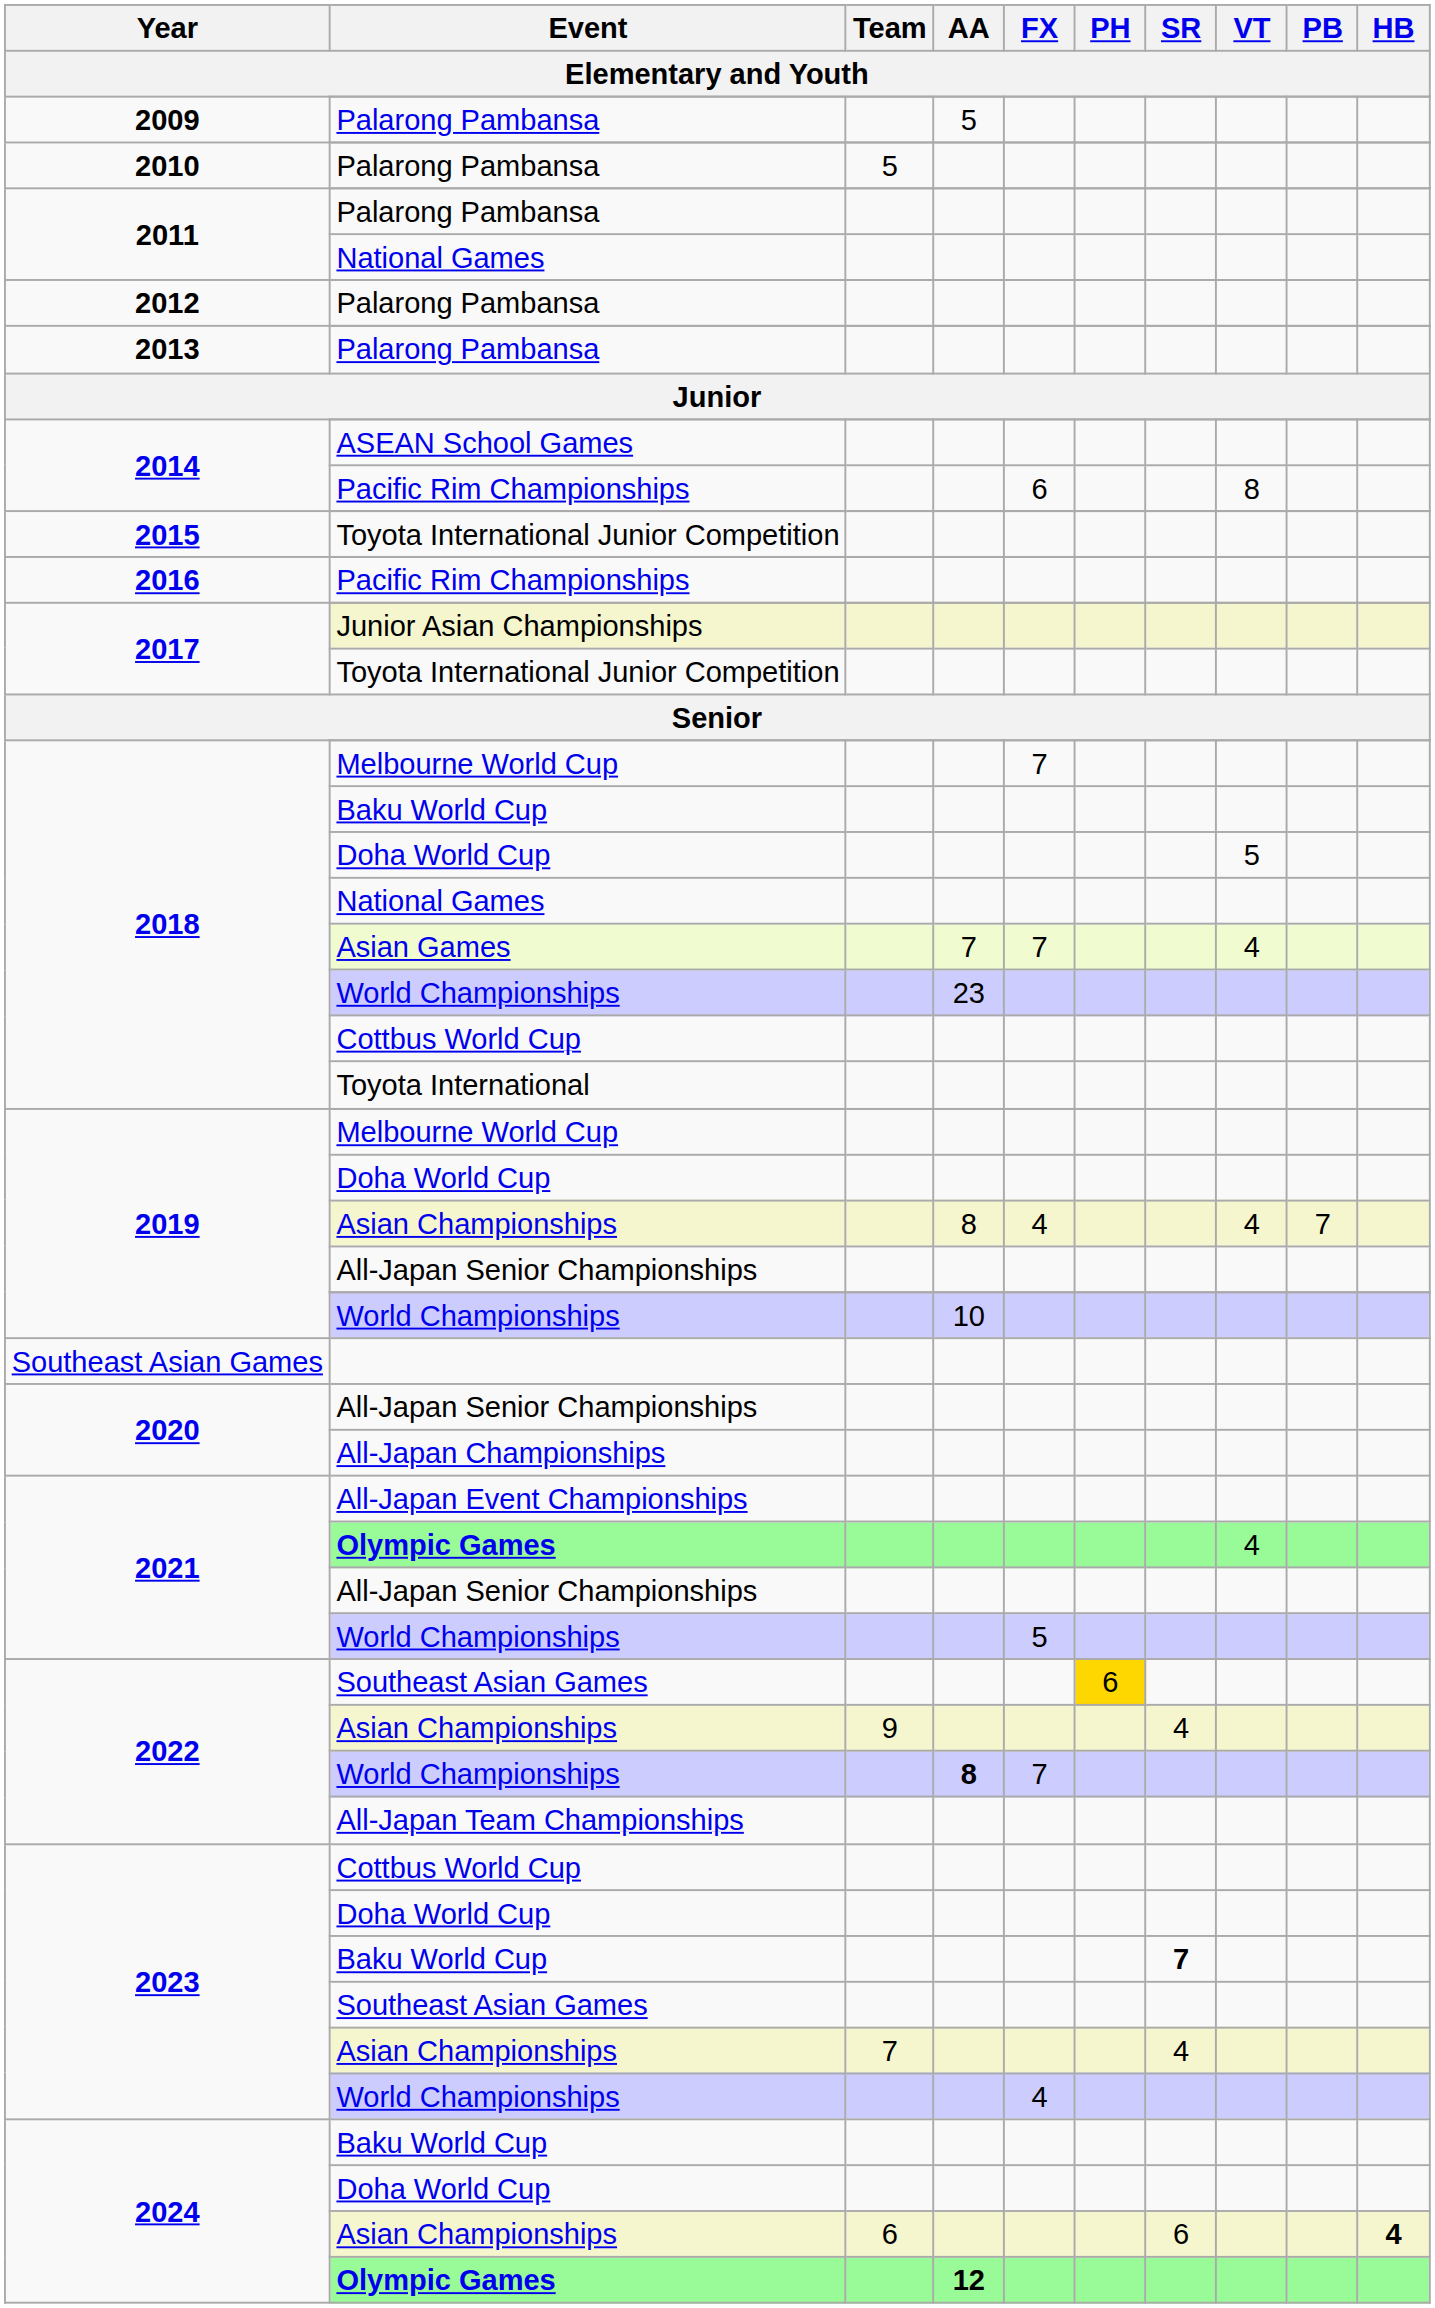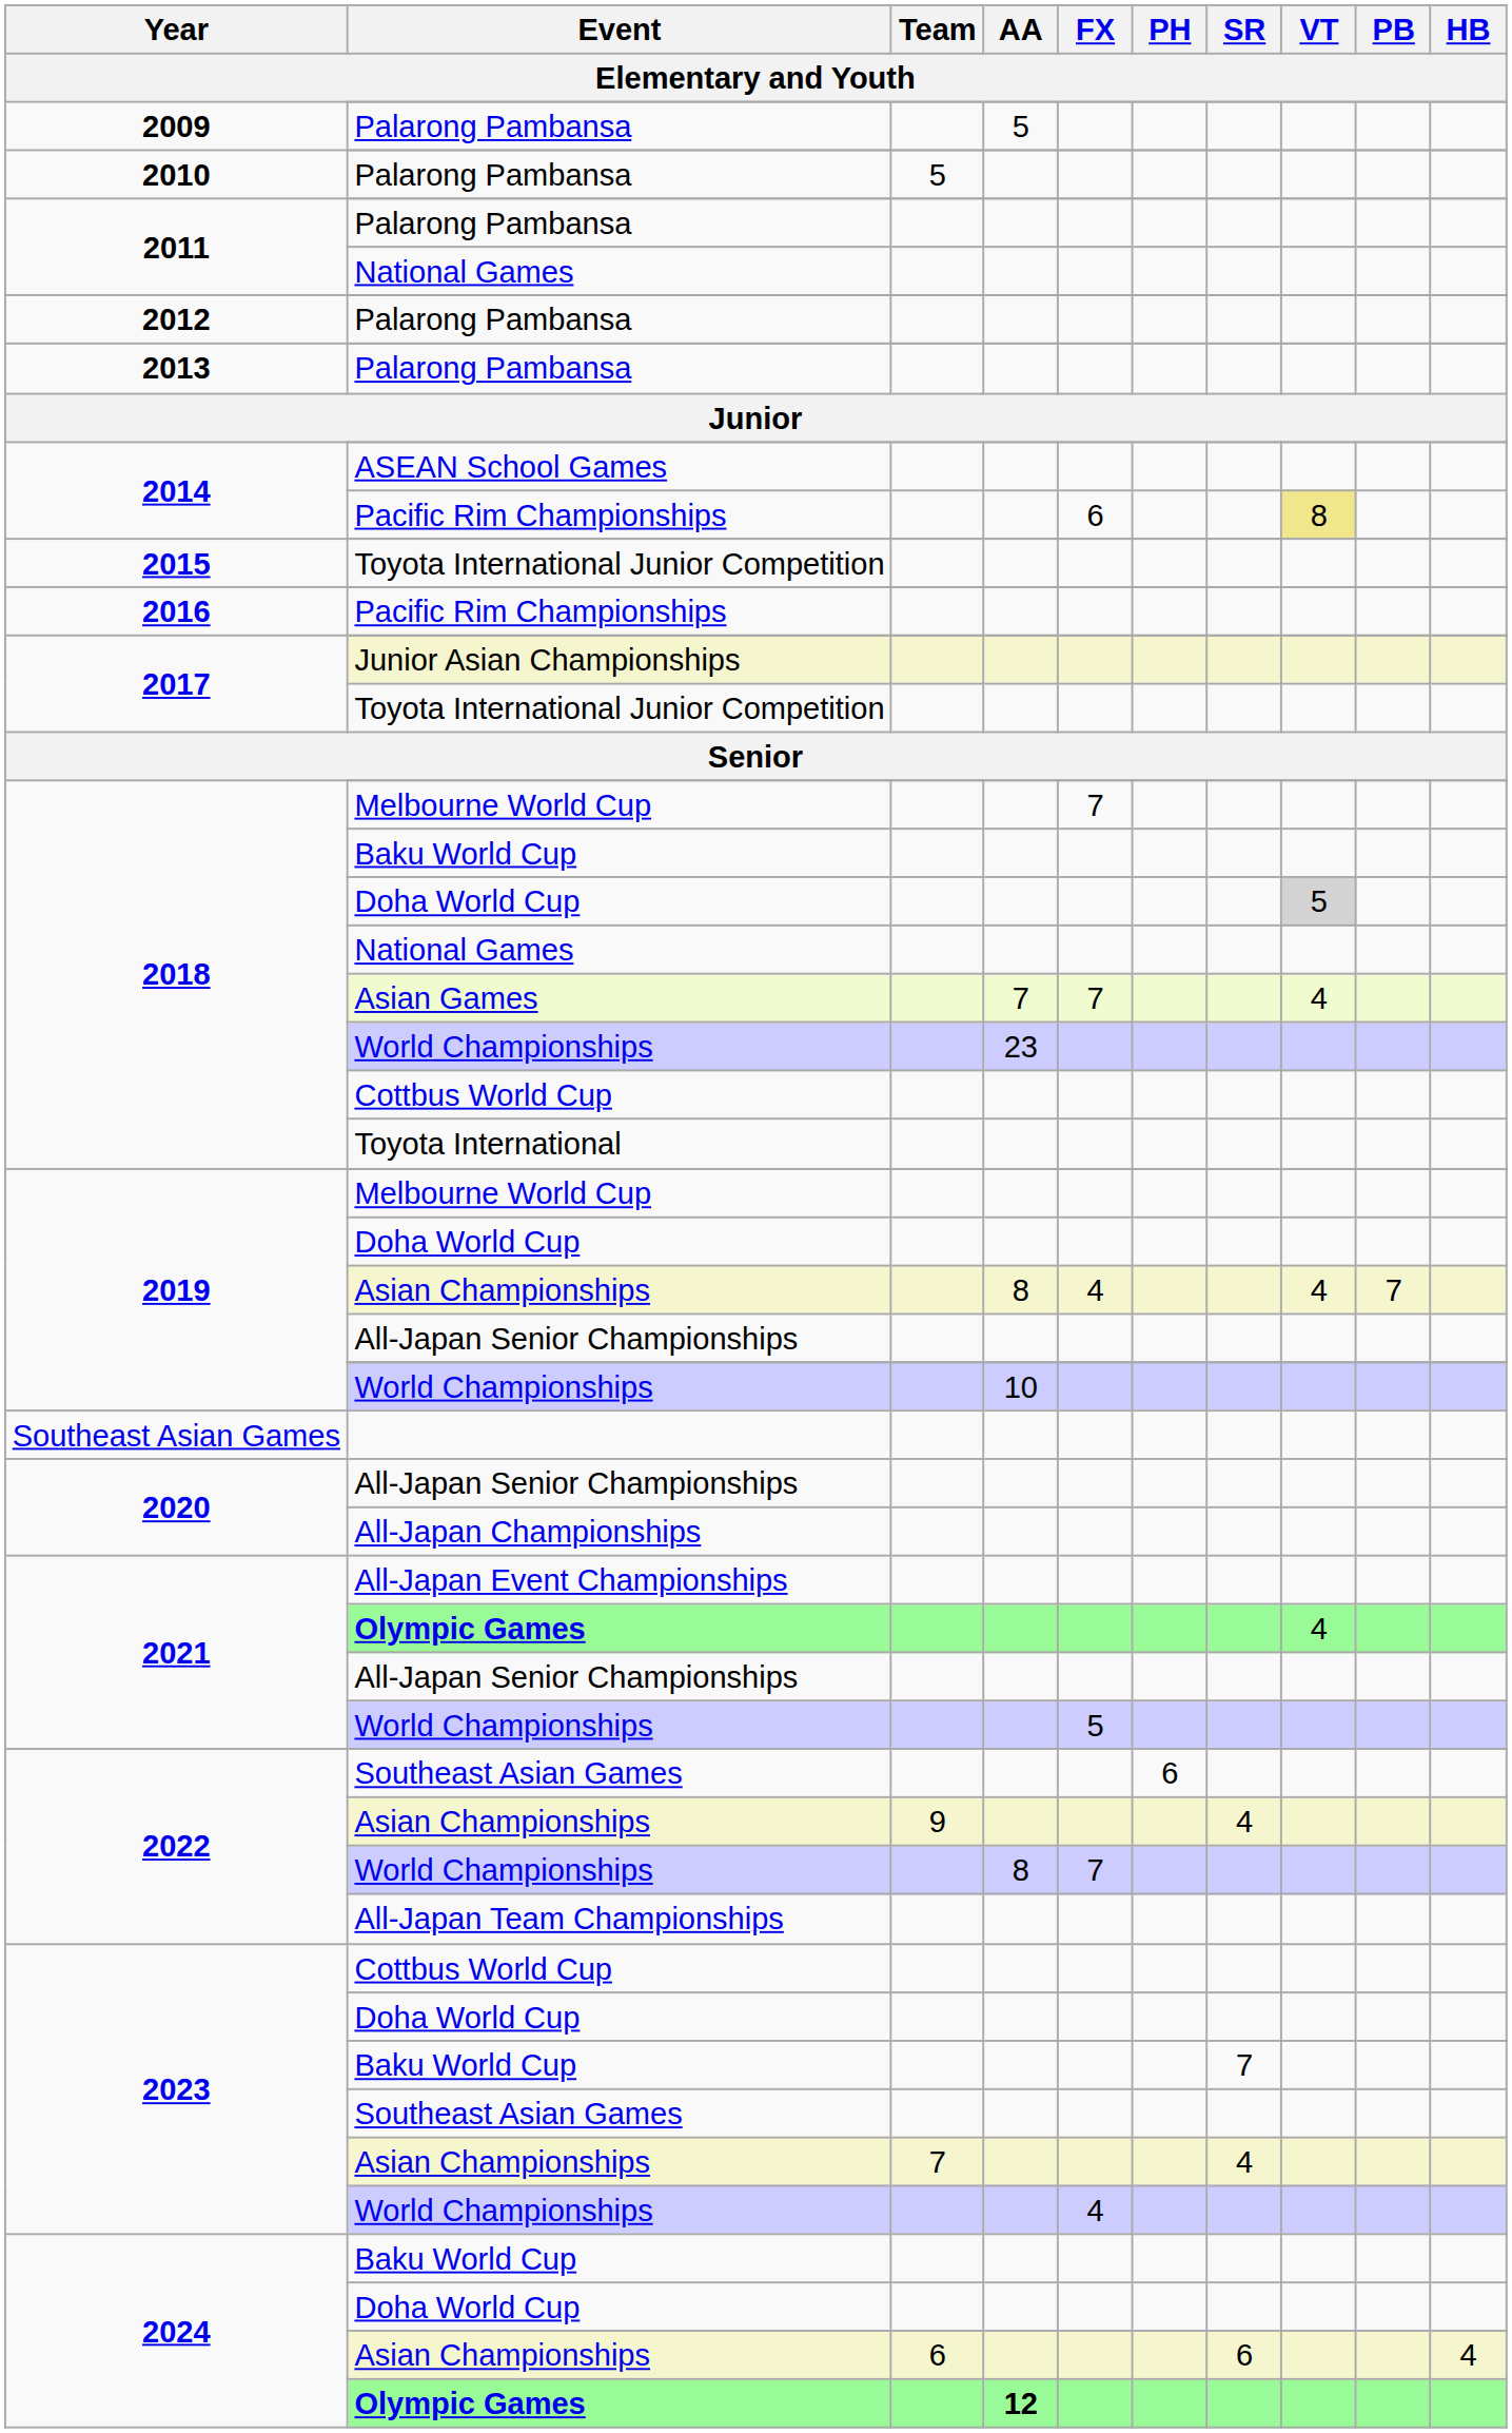 <table class="wikitable" style="text-align:center; font-size:95%;">
 <tr>
 <th align=center>Year</th>
 <th align=center>Event</th>
 <th style="width:30px;">Team</th>
 <th style="width:30px;">AA</th>
 <th style="width:30px;"><a href='#'>FX</a></th>
 <th style="width:30px;"><a href='#'>PH</a></th>
 <th style="width:30px;"><a href='#'>SR</a></th>
 <th style="width:30px;"><a href='#'>VT</a></th>
 <th style="width:30px;"><a href='#'>PB</a></th>
 <th style="width:30px;"><a href='#'>HB</a></th>
 </tr>
 <tr>
 <th colspan="10">Elementary and Youth</th>
 </tr>
 <tr>
 <td rowspan="2"><strong>2009</strong></td>
 </tr>
 <tr>
 <td align=left><a href='#'>Palarong Pambansa</a></td>
 <td></td>
 <td>5</td>
 <td></td>
 <td></td>
 <td></td>
 <td></td>
 <td></td>
 <td></td>
 </tr>
 <tr>
 <td rowspan="2"><strong>2010</strong></td>
 </tr>
 <tr>
 <td align=left>Palarong Pambansa</td>
 <td>5</td>
 <td></td>
 <td></td>
 <td></td>
 <td></td>
 <td></td>
 <td></td>
 <td></td>
 </tr>
 <tr>
 <td rowspan="3"><strong>2011</strong></td>
 </tr>
 <tr>
 <td align=left>Palarong Pambansa</td>
 <td></td>
 <td></td>
 <td></td>
 <td></td>
 <td></td>
 <td></td>
 <td></td>
 <td></td>
 </tr>
 <tr>
 <td align=left><a href='#'>National Games</a></td>
 <td></td>
 <td></td>
 <td></td>
 <td></td>
 <td></td>
 <td></td>
 <td></td>
 <td></td>
 </tr>
 <tr>
 <td rowspan="2"><strong>2012</strong></td>
 </tr>
 <tr>
 <td align=left>Palarong Pambansa</td>
 <td></td>
 <td></td>
 <td></td>
 <td></td>
 <td></td>
 <td></td>
 <td></td>
 <td></td>
 </tr>
 <tr>
 <td rowspan="2"><strong>2013</strong></td>
 </tr>
 <tr>
 <td align=left><a href='#'>Palarong Pambansa</a></td>
 <td></td>
 <td></td>
 <td></td>
 <td></td>
 <td></td>
 <td></td>
 <td></td>
 <td></td>
 </tr>
 <tr>
 <th colspan="10">Junior</th>
 </tr>
 <tr>
 <td rowspan="3"><strong><a href='#'>2014</a></strong></td>
 </tr>
 <tr>
 <td align=left><a href='#'>ASEAN School Games</a></td>
 <td></td>
 <td></td>
 <td></td>
 <td></td>
 <td></td>
 <td></td>
 <td></td>
 <td></td>
 </tr>
 <tr>
 <td align=left><a href='#'>Pacific Rim Championships</a></td>
 <td></td>
 <td></td>
 <td>6</td>
 <td></td>
 <td></td>
-<td>8</td>
+<td style="background: khaki;">8</td>
 <td></td>
 <td></td>
 </tr>
 <tr>
 <td rowspan="2"><strong><a href='#'>2015</a></strong></td>
 </tr>
 <tr>
 <td align=left>Toyota International Junior Competition</td>
 <td></td>
 <td></td>
 <td></td>
 <td></td>
 <td></td>
 <td></td>
 <td></td>
 <td></td>
 </tr>
 <tr>
 <td rowspan="2"><strong><a href='#'>2016</a></strong></td>
 </tr>
 <tr>
 <td align=left><a href='#'>Pacific Rim Championships</a></td>
 <td></td>
 <td></td>
 <td></td>
 <td></td>
 <td></td>
 <td></td>
 <td></td>
 <td></td>
 </tr>
 <tr>
 <td rowspan="3"><strong><a href='#'>2017</a></strong></td>
 </tr>
 <tr style="background:#F5F6CE;">
 <td align=left>Junior Asian Championships</td>
 <td></td>
 <td></td>
 <td></td>
 <td></td>
 <td></td>
 <td></td>
 <td></td>
 <td></td>
 </tr>
 <tr>
 <td align=left>Toyota International Junior Competition</td>
 <td></td>
 <td></td>
 <td></td>
 <td></td>
 <td></td>
 <td></td>
 <td></td>
 <td></td>
 </tr>
 <tr>
 <th colspan="10">Senior</th>
 </tr>
 <tr>
 <td rowspan="9"><strong><a href='#'>2018</a></strong></td>
 </tr>
 <tr>
 <td align=left><a href='#'>Melbourne World Cup</a></td>
 <td></td>
 <td></td>
 <td>7</td>
 <td></td>
 <td></td>
 <td></td>
 <td></td>
 <td></td>
 </tr>
 <tr>
 <td align=left><a href='#'>Baku World Cup</a></td>
 <td></td>
 <td></td>
 <td></td>
 <td></td>
 <td></td>
 <td></td>
 <td></td>
 <td></td>
 </tr>
 <tr>
 <td align=left><a href='#'>Doha World Cup</a></td>
 <td></td>
 <td></td>
 <td></td>
 <td></td>
 <td></td>
-<td>5</td>
+<td style="background: lightgrey;">5</td>
 <td></td>
 <td></td>
 </tr>
 <tr>
 <td align=left><a href='#'>National Games</a></td>
 <td></td>
 <td></td>
 <td></td>
 <td></td>
 <td></td>
 <td></td>
 <td></td>
 <td></td>
 </tr>
 <tr bgcolor=#f0fccf>
 <td align=left><a href='#'>Asian Games</a></td>
 <td></td>
 <td>7</td>
 <td>7</td>
 <td></td>
 <td></td>
 <td>4</td>
 <td></td>
 <td></td>
 </tr>
 <tr bgcolor="#CCCCFF">
 <td align="left"><a href='#'>World Championships</a></td>
 <td></td>
 <td>23</td>
 <td></td>
 <td></td>
 <td></td>
 <td></td>
 <td></td>
 <td></td>
 </tr>
 <tr>
 <td align=left><a href='#'>Cottbus World Cup</a></td>
 <td></td>
 <td></td>
 <td></td>
 <td></td>
 <td></td>
 <td></td>
 <td></td>
 <td></td>
 </tr>
 <tr>
 <td align="left">Toyota International</td>
 <td></td>
 <td></td>
 <td></td>
 <td></td>
 <td></td>
 <td></td>
 <td></td>
 <td></td>
 </tr>
 <tr>
 <td rowspan="7" align="center"><strong><a href='#'>2019</a></strong></td>
 </tr>
 <tr>
 <td align=left><a href='#'>Melbourne World Cup</a></td>
 <td></td>
 <td></td>
 <td></td>
 <td></td>
 <td></td>
 <td></td>
 <td></td>
 <td></td>
 </tr>
 <tr>
 <td align=left><a href='#'>Doha World Cup</a></td>
 <td></td>
 <td></td>
 <td></td>
 <td></td>
 <td></td>
 <td></td>
 <td></td>
 <td></td>
 </tr>
 <tr style="background:#F5F6CE;">
 <td align=left><a href='#'>Asian Championships</a></td>
 <td></td>
 <td>8</td>
 <td>4</td>
 <td></td>
 <td></td>
 <td>4</td>
 <td>7</td>
 <td></td>
 </tr>
 <tr>
 <td align=left>All-Japan Senior Championships</td>
 <td></td>
 <td></td>
 <td></td>
 <td></td>
 <td></td>
 <td></td>
 <td></td>
 <td></td>
 </tr>
 <tr>
 </tr>
 <tr bgcolor="#CCCCFF">
 <td align="left"><a href='#'>World Championships</a></td>
 <td></td>
 <td>10</td>
 <td></td>
 <td></td>
 <td></td>
 <td></td>
 <td></td>
 <td></td>
 </tr>
 <tr>
 <td align=left><a href='#'>Southeast Asian Games</a></td>
 <td></td>
 <td></td>
 <td></td>
 <td></td>
 <td></td>
 <td></td>
 <td></td>
 <td></td>
 </tr>
 <tr>
 <td rowspan="2" align="center"><strong><a href='#'>2020</a></strong></td>
 <td align=left>All-Japan Senior Championships</td>
 <td></td>
 <td></td>
 <td></td>
 <td></td>
 <td></td>
 <td></td>
 <td></td>
 <td></td>
 </tr>
 <tr>
 <td align=left><a href='#'>All-Japan Championships</a></td>
 <td></td>
 <td></td>
 <td></td>
 <td></td>
 <td></td>
 <td></td>
 <td></td>
 <td></td>
 </tr>
 <tr>
 <td rowspan="4"><strong><a href='#'>2021</a></strong></td>
 <td align=left><a href='#'>All-Japan Event Championships</a></td>
 <td></td>
 <td></td>
 <td></td>
 <td></td>
 <td></td>
 <td></td>
 <td></td>
 <td></td>
 </tr>
 <tr bgcolor="#98FB98">
 <td align="left"><strong><a href='#'>Olympic Games</a></strong></td>
 <td></td>
 <td></td>
 <td></td>
 <td></td>
 <td></td>
 <td>4</td>
 <td></td>
 <td></td>
 </tr>
 <tr>
 <td align=left>All-Japan Senior Championships</td>
 <td></td>
 <td></td>
 <td></td>
 <td></td>
 <td></td>
 <td></td>
 <td></td>
 <td></td>
 </tr>
 <tr bgcolor=#CCCCFF>
 <td align=left><a href='#'>World Championships</a></td>
 <td></td>
 <td></td>
 <td>5</td>
 <td></td>
 <td></td>
 <td></td>
 <td></td>
 <td></td>
 </tr>
 <tr>
 <td rowspan="4"><strong><a href='#'>2022</a></strong></td>
 <td align=left><a href='#'>Southeast Asian Games</a></td>
 <td></td>
 <td></td>
 <td></td>
-<td style="background: gold;">6</td>
+<td>6</td>
 <td></td>
 <td></td>
 <td></td>
 <td></td>
 </tr>
 <tr bgcolor=#F5F6CE>
 <td align=left><a href='#'>Asian Championships</a></td>
 <td>9</td>
 <td></td>
 <td></td>
 <td></td>
 <td>4</td>
 <td></td>
 <td></td>
 <td></td>
 </tr>
 <tr bgcolor=#CCCCFF>
 <td align=left><a href='#'>World Championships</a></td>
 <td></td>
-<td><strong>8</strong></td>
+<td>8</td>
 <td>7</td>
 <td></td>
 <td></td>
 <td></td>
 <td></td>
 <td></td>
 </tr>
 <tr>
 <td align=left><a href='#'>All-Japan Team Championships</a></td>
 <td></td>
 <td></td>
 <td></td>
 <td></td>
 <td></td>
 <td></td>
 <td></td>
 <td></td>
 </tr>
 <tr>
 <td rowspan="6"><strong><a href='#'>2023</a></strong></td>
 <td align=left><a href='#'>Cottbus World Cup</a></td>
 <td></td>
 <td></td>
 <td></td>
 <td></td>
 <td></td>
 <td></td>
 <td></td>
 <td></td>
 </tr>
 <tr>
 <td align=left><a href='#'>Doha World Cup</a></td>
 <td></td>
 <td></td>
 <td></td>
 <td></td>
 <td></td>
 <td></td>
 <td></td>
 <td></td>
 </tr>
 <tr>
 <td align=left><a href='#'>Baku World Cup</a></td>
 <td></td>
 <td></td>
 <td></td>
 <td></td>
-<td><strong>7</strong></td>
+<td>7</td>
 <td></td>
 <td></td>
 <td></td>
 </tr>
 <tr>
 <td align=left><a href='#'>Southeast Asian Games</a></td>
 <td></td>
 <td></td>
 <td></td>
 <td></td>
 <td></td>
 <td></td>
 <td></td>
 <td></td>
 </tr>
 <tr bgcolor=#F5F6CE>
 <td align=left><a href='#'>Asian Championships</a></td>
 <td>7</td>
 <td></td>
 <td></td>
 <td></td>
 <td>4</td>
 <td></td>
 <td></td>
 <td></td>
 </tr>
 <tr bgcolor=#CCCCFF>
 <td align=left><a href='#'>World Championships</a></td>
 <td></td>
 <td></td>
 <td>4</td>
 <td></td>
 <td></td>
 <td></td>
 <td></td>
 <td></td>
 </tr>
 <tr>
 <td rowspan="4"><strong><a href='#'>2024</a></strong></td>
 <td align=left><a href='#'>Baku World Cup</a></td>
 <td></td>
 <td></td>
 <td></td>
 <td></td>
 <td></td>
 <td></td>
 <td></td>
 <td></td>
 </tr>
 <tr>
 <td align=left><a href='#'>Doha World Cup</a></td>
 <td></td>
 <td></td>
 <td></td>
 <td></td>
 <td></td>
 <td></td>
 <td></td>
 <td></td>
 </tr>
 <tr bgcolor=#F5F6CE>
 <td align=left><a href='#'>Asian Championships</a></td>
 <td>6</td>
 <td></td>
 <td></td>
 <td></td>
 <td>6</td>
 <td></td>
 <td></td>
-<td><strong>4</strong></td>
+<td>4</td>
 </tr>
 <tr bgcolor="#98FB98">
 <td align="left"><strong><a href='#'>Olympic Games</a></strong></td>
 <td></td>
 <td><strong>12</strong></td>
 <td></td>
 <td></td>
 <td></td>
 <td></td>
 <td></td>
 <td></td>
 </tr>
 </table>
